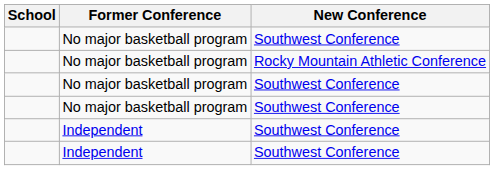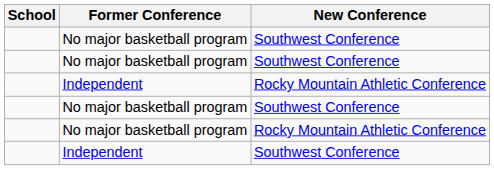 <table class="wikitable sortable">
 <tr>
 <th>School</th>
 <th>Former Conference</th>
 <th>New Conference</th>
 </tr>
 <tr>
 <td></td>
 <td>No major basketball program</td>
 <td><a href='#'>Southwest Conference</a></td>
 </tr>
 <tr>
 <td></td>
 <td>No major basketball program</td>
+<td><a href='#'>Southwest Conference</a></td>
+</tr>
+<tr>
+<td></td>
+<td><a href='#'>Independent</a></td>
 <td><a href='#'>Rocky Mountain Athletic Conference</a></td>
 </tr>
 <tr>
 <td></td>
 <td>No major basketball program</td>
 <td><a href='#'>Southwest Conference</a></td>
 </tr>
 <tr>
 <td></td>
 <td>No major basketball program</td>
-<td><a href='#'>Southwest Conference</a></td>
-</tr>
-<tr>
-<td></td>
-<td><a href='#'>Independent</a></td>
-<td><a href='#'>Southwest Conference</a></td>
+<td><a href='#'>Rocky Mountain Athletic Conference</a></td>
 </tr>
 <tr>
 <td></td>
 <td><a href='#'>Independent</a></td>
 <td><a href='#'>Southwest Conference</a></td>
 </tr>
 </table>
